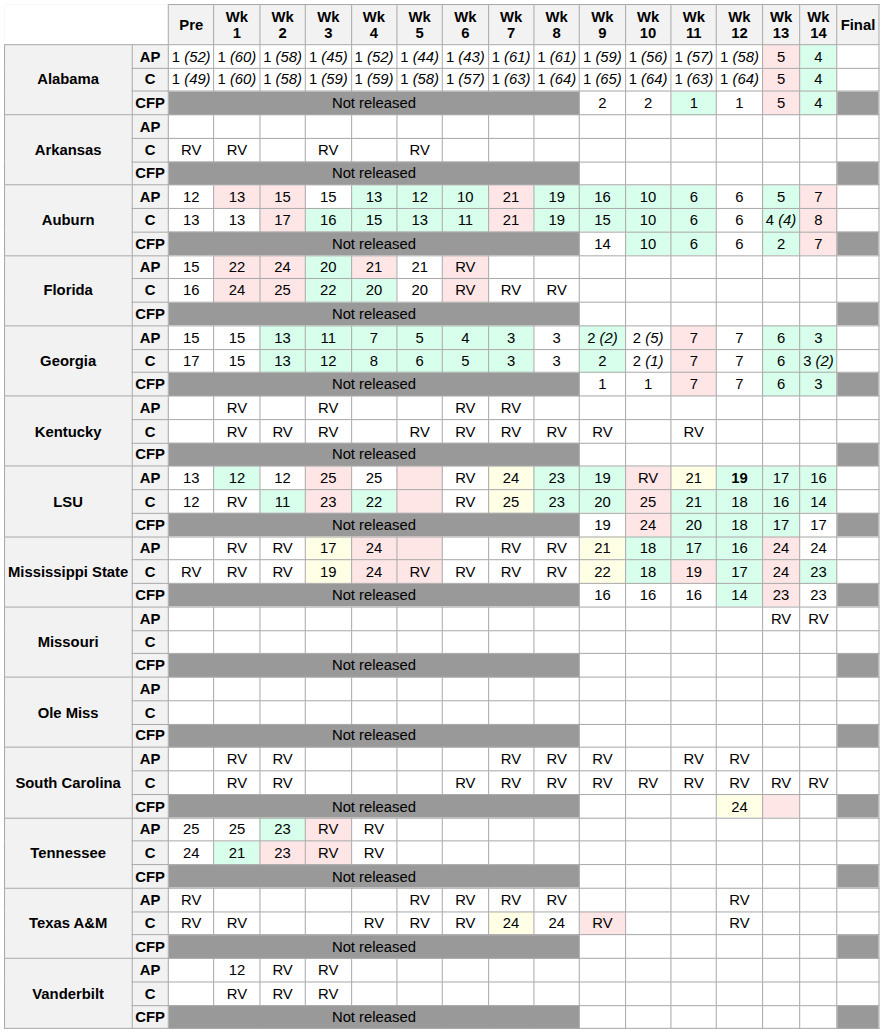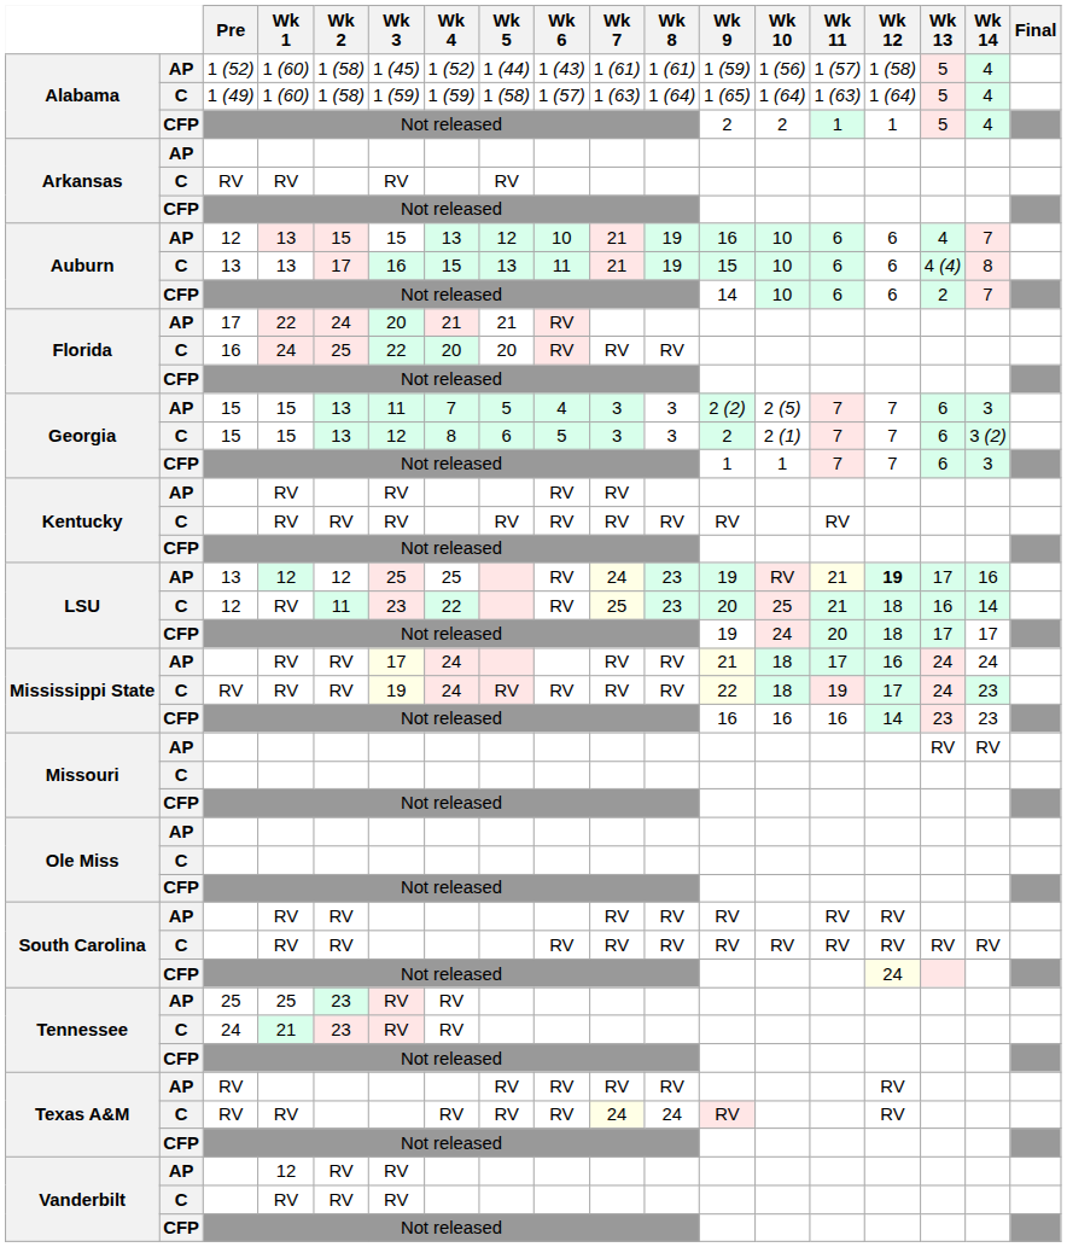 <table class="wikitable" style="white-space:nowrap;font-size:90%;">
 <tr>
 <th colspan=2 style="background:white; border-top-style:hidden; border-left-style:hidden;"> </th>
 <th>Pre</th>
 <th>Wk<br>1</th>
 <th>Wk<br>2</th>
 <th>Wk<br>3</th>
 <th>Wk<br>4</th>
 <th>Wk<br>5</th>
 <th>Wk<br>6</th>
 <th>Wk<br>7</th>
 <th>Wk<br>8</th>
 <th>Wk<br>9</th>
 <th>Wk<br>10</th>
 <th>Wk<br>11</th>
 <th>Wk<br>12</th>
 <th>Wk<br>13</th>
 <th>Wk<br>14</th>
 <th>Final</th>
 </tr>
 <tr style="text-align:center;">
 <th rowspan="3">Alabama</th>
 <th>AP</th>
 <td style="background:#FFF;">1 <em>(52)</em></td>
 <td style="background:#FFF;">1 <em>(60)</em></td>
 <td style="background:#FFF;">1 <em>(58)</em></td>
 <td style="background:#FFF;">1 <em>(45)</em></td>
 <td style="background:#FFF;">1 <em>(52)</em></td>
 <td style="background:#FFF;">1 <em>(44)</em></td>
 <td style="background:#FFF;">1 <em>(43)</em></td>
 <td style="background:#FFF;">1 <em>(61)</em></td>
 <td style="background:#FFF;">1 <em>(61)</em></td>
 <td style="background:#FFF;">1 <em>(59)</em></td>
 <td style="background:#FFF;">1 <em>(56)</em></td>
 <td style="background:#FFF;">1 <em>(57)</em></td>
 <td style="background:#FFF;">1 <em>(58)</em></td>
 <td style="background:#FFE6E6;">5</td>
 <td style="background:#D8FFEB;">4</td>
 <td style="background:#FFF;"></td>
 </tr>
 <tr style="text-align:center;">
 <th>C</th>
 <td style="background:#FFF;">1 <em>(49)</em></td>
 <td style="background:#FFF;">1 <em>(60)</em></td>
 <td style="background:#FFF;">1 <em>(58)</em></td>
 <td style="background:#FFF;">1 <em>(59)</em></td>
 <td style="background:#FFF;">1 <em>(59)</em></td>
 <td style="background:#FFF;">1 <em>(58)</em></td>
 <td style="background:#FFF;">1 <em>(57)</em></td>
 <td style="background:#FFF;">1 <em>(63)</em></td>
 <td style="background:#FFF;">1 <em>(64)</em></td>
 <td style="background:#FFF;">1 <em>(65)</em></td>
 <td style="background:#FFF;">1 <em>(64)</em></td>
 <td style="background:#FFF;">1 <em>(63)</em></td>
 <td style="background:#FFF;">1 <em>(64)</em></td>
 <td style="background:#FFE6E6;">5</td>
 <td style="background:#D8FFEB;">4</td>
 <td style="background:#FFF;"></td>
 </tr>
 <tr style="text-align:center;">
 <th>CFP</th>
 <td colspan="9" style="background:#999;">Not released</td>
 <td style="background:#FFF;">2</td>
 <td style="background:#FFF;">2</td>
 <td style="background:#D8FFEB;">1</td>
 <td style="background:#FFF;">1</td>
 <td style="background:#FFE6E6;">5</td>
 <td style="background:#D8FFEB;">4</td>
 <td style="background:#999;"></td>
 </tr>
 <tr style="text-align:center;">
 <th rowspan="3">Arkansas</th>
 <th>AP</th>
 <td style="background:#FFF;"></td>
 <td style="background:#FFF;"></td>
 <td style="background:#FFF;"></td>
 <td style="background:#FFF;"></td>
 <td style="background:#FFF;"></td>
 <td style="background:#FFF;"></td>
 <td style="background:#FFF;"></td>
 <td style="background:#FFF;"></td>
 <td style="background:#FFF;"></td>
 <td style="background:#FFF;"></td>
 <td style="background:#FFF;"></td>
 <td style="background:#FFF;"></td>
 <td style="background:#FFF;"></td>
 <td style="background:#FFF;"></td>
 <td style="background:#FFF;"></td>
 <td style="background:#FFF;"></td>
 </tr>
 <tr style="text-align:center;">
 <th>C</th>
 <td style="background:#FFF;">RV</td>
 <td style="background:#FFF;">RV</td>
 <td style="background:#FFF;"></td>
 <td style="background:#FFF;">RV</td>
 <td style="background:#FFF;"></td>
 <td style="background:#FFF;">RV</td>
 <td style="background:#FFF;"></td>
 <td style="background:#FFF;"></td>
 <td style="background:#FFF;"></td>
 <td style="background:#FFF;"></td>
 <td style="background:#FFF;"></td>
 <td style="background:#FFF;"></td>
 <td style="background:#FFF;"></td>
 <td style="background:#FFF;"></td>
 <td style="background:#FFF;"></td>
 <td style="background:#FFF;"></td>
 </tr>
 <tr style="text-align:center;">
 <th>CFP</th>
 <td colspan="9" style="background:#999;">Not released</td>
 <td style="background:#FFF;"></td>
 <td style="background:#FFF;"></td>
 <td style="background:#FFF;"></td>
 <td style="background:#FFF;"></td>
 <td style="background:#FFF;"></td>
 <td style="background:#FFF;"></td>
 <td style="background:#999;"></td>
 </tr>
 <tr style="text-align:center;">
 <th rowspan=3>Auburn</th>
 <th>AP</th>
 <td style="background:#FFF;">12</td>
 <td style="background:#FFE6E6;">13</td>
 <td style="background:#FFE6E6;">15</td>
 <td style="background:#FFF;">15</td>
 <td style="background:#D8FFEB;">13</td>
 <td style="background:#D8FFEB;">12</td>
 <td style="background:#D8FFEB;">10</td>
 <td style="background:#FFE6E6;">21</td>
 <td style="background:#D8FFEB;">19</td>
 <td style="background:#D8FFEB;">16</td>
 <td style="background:#D8FFEB;">10</td>
 <td style="background:#D8FFEB;">6</td>
 <td style="background:#FFF;">6</td>
-<td style="background:#D8FFEB;">5</td>
+<td style="background:#D8FFEB;">4</td>
 <td style="background:#FFE6E6;">7</td>
 <td style="background:#FFF;"></td>
 </tr>
 <tr style="text-align:center;">
 <th>C</th>
 <td style="background:#FFF;">13</td>
 <td style="background:#FFF;">13</td>
 <td style="background:#FFE6E6;">17</td>
 <td style="background:#D8FFEB;">16</td>
 <td style="background:#D8FFEB;">15</td>
 <td style="background:#D8FFEB;">13</td>
 <td style="background:#D8FFEB;">11</td>
 <td style="background:#FFE6E6;">21</td>
 <td style="background:#D8FFEB;">19</td>
 <td style="background:#D8FFEB;">15</td>
 <td style="background:#D8FFEB;">10</td>
 <td style="background:#D8FFEB;">6</td>
 <td style="background:#FFF;">6</td>
 <td style="background:#D8FFEB;">4 <em>(4)</em></td>
 <td style="background:#FFE6E6;">8</td>
 <td style="background:#FFF;"></td>
 </tr>
 <tr style="text-align:center;">
 <th>CFP</th>
 <td colspan="9" style="background:#999;">Not released</td>
 <td style="background:#FFF;">14</td>
 <td style="background:#D8FFEB;">10</td>
 <td style="background:#D8FFEB;">6</td>
 <td style="background:#FFF;">6</td>
 <td style="background:#D8FFEB;">2</td>
 <td style="background:#FFE6E6;">7</td>
 <td style="background:#999;"></td>
 </tr>
 <tr style="text-align:center;">
 <th rowspan=3>Florida</th>
 <th>AP</th>
-<td style="background:#FFF;">15</td>
+<td style="background:#FFF;">17</td>
 <td style="background:#FFE6E6;">22</td>
 <td style="background:#FFE6E6;">24</td>
 <td style="background:#D8FFEB;">20</td>
 <td style="background:#FFE6E6;">21</td>
 <td style="background:#FFF;">21</td>
 <td style="background:#FFE6E6;">RV</td>
 <td style="background:#FFF;"></td>
 <td style="background:#FFF;"></td>
 <td style="background:#FFF;"></td>
 <td style="background:#FFF;"></td>
 <td style="background:#FFF;"></td>
 <td style="background:#FFF;"></td>
 <td style="background:#FFF;"></td>
 <td style="background:#FFF;"></td>
 <td style="background:#FFF;"></td>
 </tr>
 <tr style="text-align:center;">
 <th>C</th>
 <td style="background:#FFF;">16</td>
 <td style="background:#FFE6E6;">24</td>
 <td style="background:#FFE6E6;">25</td>
 <td style="background:#D8FFEB;">22</td>
 <td style="background:#D8FFEB;">20</td>
 <td style="background:#FFF;">20</td>
 <td style="background:#FFE6E6;">RV</td>
 <td style="background:#FFF;">RV</td>
 <td style="background:#FFF;">RV</td>
 <td style="background:#FFF;"></td>
 <td style="background:#FFF;"></td>
 <td style="background:#FFF;"></td>
 <td style="background:#FFF;"></td>
 <td style="background:#FFF;"></td>
 <td style="background:#FFF;"></td>
 <td style="background:#FFF;"></td>
 </tr>
 <tr style="text-align:center;">
 <th>CFP</th>
 <td colspan="9" style="background:#999;">Not released</td>
 <td style="background:#FFF;"></td>
 <td style="background:#FFF;"></td>
 <td style="background:#FFF;"></td>
 <td style="background:#FFF;"></td>
 <td style="background:#FFF;"></td>
 <td style="background:#FFF;"></td>
 <td style="background:#999"></td>
 </tr>
 <tr style="text-align:center;">
 <th rowspan=3>Georgia</th>
 <th>AP</th>
 <td style="background:#FFF;">15</td>
 <td style="background:#FFF;">15</td>
 <td style="background:#D8FFEB;">13</td>
 <td style="background:#D8FFEB;">11</td>
 <td style="background:#D8FFEB;">7</td>
 <td style="background:#D8FFEB;">5</td>
 <td style="background:#D8FFEB;">4</td>
 <td style="background:#D8FFEB;">3</td>
 <td style="background:#FFF;">3</td>
 <td style="background:#D8FFEB;">2 <em>(2)</em></td>
 <td style="background:#FFF;">2 <em>(5)</em></td>
 <td style="background:#FFE6E6;">7</td>
 <td style="background:#FFF;">7</td>
 <td style="background:#D8FFEB;">6</td>
 <td style="background:#D8FFEB;">3</td>
 <td style="background:#FFF;"></td>
 </tr>
 <tr style="text-align:center;">
 <th>C</th>
-<td style="background:#FFF;">17</td>
+<td style="background:#FFF;">15</td>
 <td style="background:#FFF;">15</td>
 <td style="background:#D8FFEB;">13</td>
 <td style="background:#D8FFEB;">12</td>
 <td style="background:#D8FFEB;">8</td>
 <td style="background:#D8FFEB;">6</td>
 <td style="background:#D8FFEB;">5</td>
 <td style="background:#D8FFEB;">3</td>
 <td style="background:#FFF;">3</td>
 <td style="background:#D8FFEB;">2</td>
 <td style="background:#FFF;">2 <em>(1)</em></td>
 <td style="background:#FFE6E6;">7</td>
 <td style="background:#FFF;">7</td>
 <td style="background:#D8FFEB;">6</td>
 <td style="background:#D8FFEB;">3 <em>(2)</em></td>
 <td style="background:#FFF;"></td>
 </tr>
 <tr style="text-align:center;">
 <th>CFP</th>
 <td colspan="9" style="background:#999;">Not released</td>
 <td style="background:#FFF;">1</td>
 <td style="background:#FFF;">1</td>
 <td style="background:#FFE6E6;">7</td>
 <td style="background:#FFF;">7</td>
 <td style="background:#D8FFEB;">6</td>
 <td style="background:#D8FFEB;">3</td>
 <td style="background:#999;"></td>
 </tr>
 <tr style="text-align:center;">
 <th rowspan="3">Kentucky</th>
 <th>AP</th>
 <td style="background:#FFF;"></td>
 <td style="background:#FFF;">RV</td>
 <td style="background:#FFF;"></td>
 <td style="background:#FFF;">RV</td>
 <td style="background:#FFF;"></td>
 <td style="background:#FFF;"></td>
 <td style="background:#FFF;">RV</td>
 <td style="background:#FFF;">RV</td>
 <td style="background:#FFF;"></td>
 <td style="background:#FFF;"></td>
 <td style="background:#FFF;"></td>
 <td style="background:#FFF;"></td>
 <td style="background:#FFF;"></td>
 <td style="background:#FFF;"></td>
 <td style="background:#FFF;"></td>
 <td style="background:#FFF;"></td>
 </tr>
 <tr style="text-align:center;">
 <th>C</th>
 <td style="background:#FFF;"></td>
 <td style="background:#FFF;">RV</td>
 <td style="background:#FFF;">RV</td>
 <td style="background:#FFF;">RV</td>
 <td style="background:#FFF;"></td>
 <td style="background:#FFF;">RV</td>
 <td style="background:#FFF;">RV</td>
 <td style="background:#FFF;">RV</td>
 <td style="background:#FFF;">RV</td>
 <td style="background:#FFF;">RV</td>
 <td style="background:#FFF;"></td>
 <td style="background:#FFF;">RV</td>
 <td style="background:#FFF;"></td>
 <td style="background:#FFF;"></td>
 <td style="background:#FFF;"></td>
 <td style="background:#FFF;"></td>
 </tr>
 <tr style="text-align:center;">
 <th>CFP</th>
 <td colspan="9" style="background:#999;">Not released</td>
 <td style="background:#FFF;"></td>
 <td style="background:#FFF;"></td>
 <td style="background:#FFF;"></td>
 <td style="background:#FFF;"></td>
 <td style="background:#FFF;"></td>
 <td style="background:#FFF;"></td>
 <td style="background:#999;"></td>
 </tr>
 <tr style="text-align:center;">
 <th rowspan=3>LSU</th>
 <th>AP</th>
 <td style="background:#FFF;">13</td>
 <td style="background:#D8FFEB;">12</td>
 <td style="background:#FFF;">12</td>
 <td style="background:#FFE6E6;">25</td>
 <td style="background:#FFF;">25</td>
 <td style="background:#FFE6E6;"></td>
 <td style="background:#FFF;">RV</td>
 <td style="background:#FFFFE6;">24</td>
 <td style="background:#D8FFEB;">23</td>
 <td style="background:#D8FFEB;">19</td>
 <td style="background:#FFE6E6;">RV</td>
 <td style="background:#FFFFE6;">21</td>
 <td style="background:#D8FFEB;"><strong>19</strong></td>
 <td style="background:#D8FFEB;">17</td>
 <td style="background:#D8FFEB;">16</td>
 <td style="background:#FFF;"></td>
 </tr>
 <tr style="text-align:center;">
 <th>C</th>
 <td style="background:#FFF;">12</td>
 <td style="background:#FFF;">RV</td>
 <td style="background:#D8FFEB;">11</td>
 <td style="background:#FFE6E6;">23</td>
 <td style="background:#D8FFEB;">22</td>
 <td style="background:#FFE6E6;"></td>
 <td style="background:#FFF;">RV</td>
 <td style="background:#FFFFE6;">25</td>
 <td style="background:#D8FFEB;">23</td>
 <td style="background:#D8FFEB;">20</td>
 <td style="background:#FFE6E6;">25</td>
 <td style="background:#D8FFEB;">21</td>
 <td style="background:#D8FFEB;">18</td>
 <td style="background:#D8FFEB;">16</td>
 <td style="background:#D8FFEB;">14</td>
 <td style="background:#FFF;"></td>
 </tr>
 <tr style="text-align:center;">
 <th>CFP</th>
 <td colspan="9" style="background:#999;">Not released</td>
 <td style="background:#FFF;">19</td>
 <td style="background:#FFE6E6;">24</td>
 <td style="background:#D8FFEB;">20</td>
 <td style="background:#D8FFEB;">18</td>
 <td style="background:#D8FFEB;">17</td>
 <td style="background:#FFF;">17</td>
 <td style="background:#999;"></td>
 </tr>
 <tr style="text-align:center;">
 <th rowspan="3">Mississippi State</th>
 <th>AP</th>
 <td style="background:#FFF;"></td>
 <td style="background:#FFF;">RV</td>
 <td style="background:#FFF;">RV</td>
 <td style="background:#FFFFE6;">17</td>
 <td style="background:#FFE6E6;">24</td>
 <td style="background:#FFE6E6;"></td>
 <td style="background:#FFF;"></td>
 <td style="background:#FFF;">RV</td>
 <td style="background:#FFF;">RV</td>
 <td style="background:#FFFFE6;">21</td>
 <td style="background:#D8FFEB;">18</td>
 <td style="background:#D8FFEB;">17</td>
 <td style="background:#D8FFEB;">16</td>
 <td style="background:#FFE6E6;">24</td>
 <td style="background:#FFF;">24</td>
 <td style="background:#FFF;"></td>
 </tr>
 <tr style="text-align:center;">
 <th>C</th>
 <td style="background:#FFF;">RV</td>
 <td style="background:#FFF;">RV</td>
 <td style="background:#FFF;">RV</td>
 <td style="background:#FFFFE6;">19</td>
 <td style="background:#FFE6E6;">24</td>
 <td style="background:#FFE6E6;">RV</td>
 <td style="background:#FFF;">RV</td>
 <td style="background:#FFF;">RV</td>
 <td style="background:#FFF;">RV</td>
 <td style="background:#FFFFE6;">22</td>
 <td style="background:#D8FFEB;">18</td>
 <td style="background:#FFE6E6;">19</td>
 <td style="background:#D8FFEB;">17</td>
 <td style="background:#FFE6E6;">24</td>
 <td style="background:#D8FFEB;">23</td>
 <td style="background:#FFF;"></td>
 </tr>
 <tr style="text-align:center;">
 <th>CFP</th>
 <td colspan="9" style="background:#999;">Not released</td>
 <td style="background:#FFF;">16</td>
 <td style="background:#FFF;">16</td>
 <td style="background:#FFF;">16</td>
 <td style="background:#D8FFEB;">14</td>
 <td style="background:#FFE6E6;">23</td>
 <td style="background:#FFF;">23</td>
 <td style="background:#999;"></td>
 </tr>
 <tr style="text-align:center;">
 <th rowspan="3">Missouri</th>
 <th>AP</th>
 <td style="background:#FFF;"></td>
 <td style="background:#FFF;"></td>
 <td style="background:#FFF;"></td>
 <td style="background:#FFF;"></td>
 <td style="background:#FFF;"></td>
 <td style="background:#FFF;"></td>
 <td style="background:#FFF;"></td>
 <td style="background:#FFF;"></td>
 <td style="background:#FFF;"></td>
 <td style="background:#FFF;"></td>
 <td style="background:#FFF;"></td>
 <td style="background:#FFF;"></td>
 <td style="background:#FFF;"></td>
 <td style="background:#FFF;">RV</td>
 <td style="background:#FFF;">RV</td>
 <td style="background:#FFF;"></td>
 </tr>
 <tr style="text-align:center;">
 <th>C</th>
 <td style="background:#FFF;"></td>
 <td style="background:#FFF;"></td>
 <td style="background:#FFF;"></td>
 <td style="background:#FFF;"></td>
 <td style="background:#FFF;"></td>
 <td style="background:#FFF;"></td>
 <td style="background:#FFF;"></td>
 <td style="background:#FFF;"></td>
 <td style="background:#FFF;"></td>
 <td style="background:#FFF;"></td>
 <td style="background:#FFF;"></td>
 <td style="background:#FFF;"></td>
 <td style="background:#FFF;"></td>
 <td style="background:#FFF;"></td>
 <td style="background:#FFF;"></td>
 <td style="background:#FFF;"></td>
 </tr>
 <tr style="text-align:center;">
 <th>CFP</th>
 <td colspan="9" style="background:#999;">Not released</td>
 <td style="background:#FFF;"></td>
 <td style="background:#FFF;"></td>
 <td style="background:#FFF;"></td>
 <td style="background:#FFF;"></td>
 <td style="background:#FFF;"></td>
 <td style="background:#FFF;"></td>
 <td style="background:#999;"></td>
 </tr>
 <tr style="text-align:center;">
 <th rowspan=3>Ole Miss</th>
 <th>AP</th>
 <td style="background:#FFF;"></td>
 <td style="background:#FFF;"></td>
 <td style="background:#FFF;"></td>
 <td style="background:#FFF;"></td>
 <td style="background:#FFF;"></td>
 <td style="background:#FFF;"></td>
 <td style="background:#FFF;"></td>
 <td style="background:#FFF;"></td>
 <td style="background:#FFF;"></td>
 <td style="background:#FFF;"></td>
 <td style="background:#FFF;"></td>
 <td style="background:#FFF;"></td>
 <td style="background:#FFF;"></td>
 <td style="background:#FFF;"></td>
 <td style="background:#FFF;"></td>
 <td style="background:#FFF;"></td>
 </tr>
 <tr style="text-align:center;">
 <th>C</th>
 <td style="background:#FFF;"></td>
 <td style="background:#FFF;"></td>
 <td style="background:#FFF;"></td>
 <td style="background:#FFF;"></td>
 <td style="background:#FFF;"></td>
 <td style="background:#FFF;"></td>
 <td style="background:#FFF;"></td>
 <td style="background:#FFF;"></td>
 <td style="background:#FFF;"></td>
 <td style="background:#FFF;"></td>
 <td style="background:#FFF;"></td>
 <td style="background:#FFF;"></td>
 <td style="background:#FFF;"></td>
 <td style="background:#FFF;"></td>
 <td style="background:#FFF;"></td>
 <td style="background:#FFF;"></td>
 </tr>
 <tr style="text-align:center;">
 <th>CFP</th>
 <td colspan="9" style="background:#999;">Not released</td>
 <td style="background:#FFF;"></td>
 <td style="background:#FFF;"></td>
 <td style="background:#FFF;"></td>
 <td style="background:#FFF;"></td>
 <td style="background:#FFF;"></td>
 <td style="background:#FFF;"></td>
 <td style="background:#999;"></td>
 </tr>
 <tr style="text-align:center;">
 <th rowspan="3">South Carolina</th>
 <th>AP</th>
 <td style="background:#FFF;"></td>
 <td style="background:#FFF;">RV</td>
 <td style="background:#FFF;">RV</td>
 <td style="background:#FFF;"></td>
 <td style="background:#FFF;"></td>
 <td style="background:#FFF;"></td>
 <td style="background:#FFF;"></td>
 <td style="background:#FFF;">RV</td>
 <td style="background:#FFF;">RV</td>
 <td style="background:#FFF;">RV</td>
 <td style="background:#FFF;"></td>
 <td style="background:#FFF;">RV</td>
 <td style="background:#FFF;">RV</td>
 <td style="background:#FFF;"></td>
 <td style="background:#FFF;"></td>
 <td style="background:#FFF;"></td>
 </tr>
 <tr style="text-align:center;">
 <th>C</th>
 <td style="background:#FFF;"></td>
 <td style="background:#FFF;">RV</td>
 <td style="background:#FFF;">RV</td>
 <td style="background:#FFF;"></td>
 <td style="background:#FFF;"></td>
 <td style="background:#FFF;"></td>
 <td style="background:#FFF;">RV</td>
 <td style="background:#FFF;">RV</td>
 <td style="background:#FFF;">RV</td>
 <td style="background:#FFF;">RV</td>
 <td style="background:#FFF;">RV</td>
 <td style="background:#FFF;">RV</td>
 <td style="background:#FFF;">RV</td>
 <td style="background:#FFF;">RV</td>
 <td style="background:#FFF;">RV</td>
 <td style="background:#FFF;"></td>
 </tr>
 <tr style="text-align:center;">
 <th>CFP</th>
 <td colspan="9" style="background:#999;">Not released</td>
 <td style="background:#FFF;"></td>
 <td style="background:#FFF;"></td>
 <td style="background:#FFF;"></td>
 <td style="background:#FFFFE6;">24</td>
 <td style="background:#FFE6E6;"></td>
 <td style="background:#FFF;"></td>
 <td style="background:#999;"></td>
 </tr>
 <tr style="text-align:center;">
 <th rowspan="3">Tennessee</th>
 <th>AP</th>
 <td style="background:#FFF;">25</td>
 <td style="background:#FFF;">25</td>
 <td style="background:#D8FFEB;">23</td>
 <td style="background:#FFE6E6;">RV</td>
 <td style="background:#FFF;">RV</td>
 <td style="background:#FFF;"></td>
 <td style="background:#FFF;"></td>
 <td style="background:#FFF;"></td>
 <td style="background:#FFF;"></td>
 <td style="background:#FFF;"></td>
 <td style="background:#FFF;"></td>
 <td style="background:#FFF;"></td>
 <td style="background:#FFF;"></td>
 <td style="background:#FFF;"></td>
 <td style="background:#FFF;"></td>
 <td style="background:#FFF;"></td>
 </tr>
 <tr style="text-align:center;">
 <th>C</th>
 <td style="background:#FFF;">24</td>
 <td style="background:#D8FFEB;">21</td>
 <td style="background:#FFE6E6;">23</td>
 <td style="background:#FFE6E6;">RV</td>
 <td style="background:#FFF;">RV</td>
 <td style="background:#FFF;"></td>
 <td style="background:#FFF;"></td>
 <td style="background:#FFF;"></td>
 <td style="background:#FFF;"></td>
 <td style="background:#FFF;"></td>
 <td style="background:#FFF;"></td>
 <td style="background:#FFF;"></td>
 <td style="background:#FFF;"></td>
 <td style="background:#FFF;"></td>
 <td style="background:#FFF;"></td>
 <td style="background:#FFF;"></td>
 </tr>
 <tr style="text-align:center;">
 <th>CFP</th>
 <td colspan="9" style="background:#999;">Not released</td>
 <td style="background:#FFF;"></td>
 <td style="background:#FFF;"></td>
 <td style="background:#FFF;"></td>
 <td style="background:#FFF;"></td>
 <td style="background:#FFF;"></td>
 <td style="background:#FFF;"></td>
 <td style="background:#999;"></td>
 </tr>
 <tr style="text-align:center;">
 <th rowspan="3">Texas A&M</th>
 <th>AP</th>
 <td style="background:#FFF;">RV</td>
 <td style="background:#FFF;"></td>
 <td style="background:#FFF;"></td>
 <td style="background:#FFF;"></td>
 <td style="background:#FFF;"></td>
 <td style="background:#FFF;">RV</td>
 <td style="background:#FFF;">RV</td>
 <td style="background:#FFF;">RV</td>
 <td style="background:#FFF;">RV</td>
 <td style="background:#FFF;"></td>
 <td style="background:#FFF;"></td>
 <td style="background:#FFF;"></td>
 <td style="background:#FFF;">RV</td>
 <td style="background:#FFF;"></td>
 <td style="background:#FFF;"></td>
 <td style="background:#FFF;"></td>
 </tr>
 <tr style="text-align:center;">
 <th>C</th>
 <td style="background:#FFF;">RV</td>
 <td style="background:#FFF;">RV</td>
 <td style="background:#FFF;"></td>
 <td style="background:#FFF;"></td>
 <td style="background:#FFF;">RV</td>
 <td style="background:#FFF;">RV</td>
 <td style="background:#FFF;">RV</td>
 <td style="background:#FFFFE6;">24</td>
 <td style="background:#FFF;">24</td>
 <td style="background:#FFE6E6;">RV</td>
 <td style="background:#FFF;"></td>
 <td style="background:#FFF;"></td>
 <td style="background:#FFF;">RV</td>
 <td style="background:#FFF;"></td>
 <td style="background:#FFF;"></td>
 <td style="background:#FFF;"></td>
 </tr>
 <tr style="text-align:center;">
 <th>CFP</th>
 <td colspan="9" style="background:#999;">Not released</td>
 <td style="background:#FFF;"></td>
 <td style="background:#FFF;"></td>
 <td style="background:#FFF"></td>
 <td style="background:#FFF;"></td>
 <td style="background:#FFF;"></td>
 <td style="background:#FFF;"></td>
 <td style="background:#999;"></td>
 </tr>
 <tr style="text-align:center;">
 <th rowspan=3>Vanderbilt</th>
 <th>AP</th>
 <td style="background:#FFF;"></td>
 <td style="background:#FFF;">12</td>
 <td style="background:#FFF;">RV</td>
 <td style="background:#FFF;">RV</td>
 <td style="background:#FFF;"></td>
 <td style="background:#FFF;"></td>
 <td style="background:#FFF;"></td>
 <td style="background:#FFF;"></td>
 <td style="background:#FFF;"></td>
 <td style="background:#FFF;"></td>
 <td style="background:#FFF;"></td>
 <td style="background:#FFF;"></td>
 <td style="background:#FFF;"></td>
 <td style="background:#FFF;"></td>
 <td style="background:#FFF;"></td>
 <td style="background:#FFF;"></td>
 </tr>
 <tr style="text-align:center;">
 <th>C</th>
 <td style="background:#FFF;"></td>
 <td style="background:#FFF;">RV</td>
 <td style="background:#FFF;">RV</td>
 <td style="background:#FFF;">RV</td>
 <td style="background:#FFF;"></td>
 <td style="background:#FFF;"></td>
 <td style="background:#FFF;"></td>
 <td style="background:#FFF;"></td>
 <td style="background:#FFF;"></td>
 <td style="background:#FFF;"></td>
 <td style="background:#FFF;"></td>
 <td style="background:#FFF;"></td>
 <td style="background:#FFF;"></td>
 <td style="background:#FFF;"></td>
 <td style="background:#FFF;"></td>
 <td style="background:#FFF;"></td>
 </tr>
 <tr style="text-align:center;">
 <th>CFP</th>
 <td colspan="9" style="background:#999;">Not released</td>
 <td style="background:#FFF;"></td>
 <td style="background:#FFF;"></td>
 <td style="background:#FFF;"></td>
 <td style="background:#FFF;"></td>
 <td style="background:#FFF;"></td>
 <td style="background:#FFF;"></td>
 <td style="background:#999;"></td>
 </tr>
 </table>
